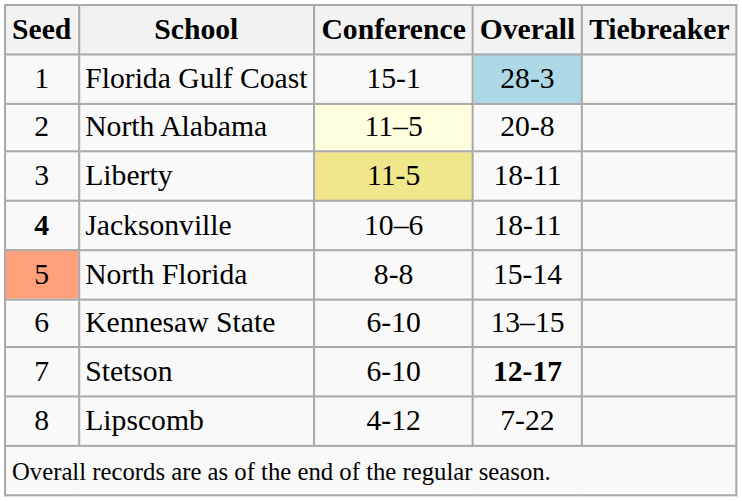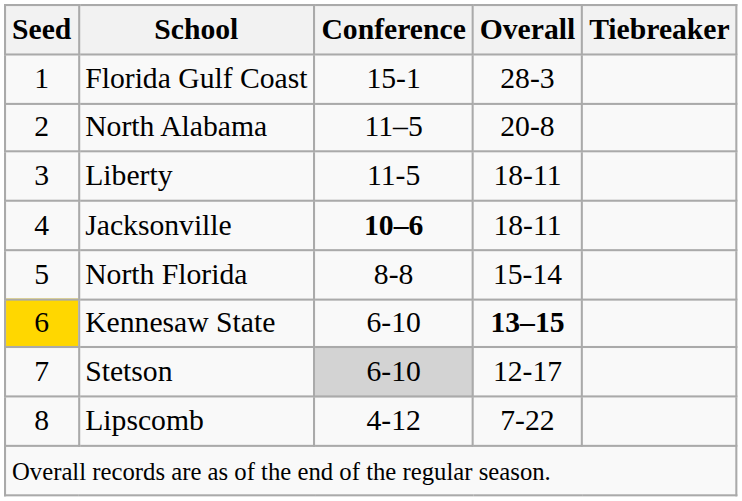 <table class="wikitable" style="white-space:nowrap; font-size:90%;">
 <tr>
 <th>Seed</th>
 <th>School</th>
 <th>Conference</th>
 <th>Overall</th>
 <th>Tiebreaker</th>
 </tr>
 <tr>
 <td align=center>1</td>
 <td>Florida Gulf Coast</td>
 <td align=center>15-1</td>
-<td align=center style="background: lightblue;">28-3</td>
+<td align=center>28-3</td>
 <td></td>
 </tr>
 <tr>
 <td align=center>2</td>
 <td>North Alabama</td>
-<td align=center style="background: lightyellow;">11–5</td>
+<td align=center>11–5</td>
 <td align=center>20-8</td>
 <td></td>
 </tr>
 <tr>
 <td align=center>3</td>
 <td>Liberty</td>
-<td align=center style="background: khaki;">11-5</td>
+<td align=center>11-5</td>
 <td align=center>18-11</td>
 <td></td>
 </tr>
 <tr>
-<td align=center><strong>4</strong></td>
+<td align=center>4</td>
 <td>Jacksonville</td>
-<td align=center>10–6</td>
+<td align=center><strong>10–6</strong></td>
 <td align=center>18-11</td>
 <td></td>
 </tr>
 <tr>
-<td align=center style="background: lightsalmon;">5</td>
+<td align=center>5</td>
 <td>North Florida</td>
 <td align=center>8-8</td>
 <td align=center>15-14</td>
 <td></td>
 </tr>
 <tr>
-<td align=center>6</td>
+<td align=center style="background: gold;">6</td>
 <td>Kennesaw State</td>
 <td align=center>6-10</td>
-<td align=center>13–15</td>
+<td align=center><strong>13–15</strong></td>
 <td></td>
 </tr>
 <tr>
 <td align=center>7</td>
 <td>Stetson</td>
-<td align=center>6-10</td>
-<td align=center><strong>12-17</strong></td>
+<td align=center style="background: lightgrey;">6-10</td>
+<td align=center>12-17</td>
 <td></td>
 </tr>
 <tr>
 <td align=center>8</td>
 <td>Lipscomb</td>
 <td align=center>4-12</td>
 <td align=center>7-22</td>
 <td></td>
 </tr>
 <tr>
 <td colspan=5 align=left><small>Overall records are as of the end of the regular season.</small></td>
 </tr>
 </table>
